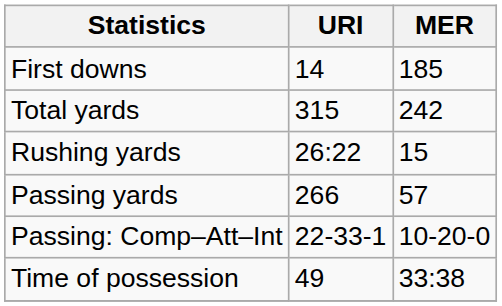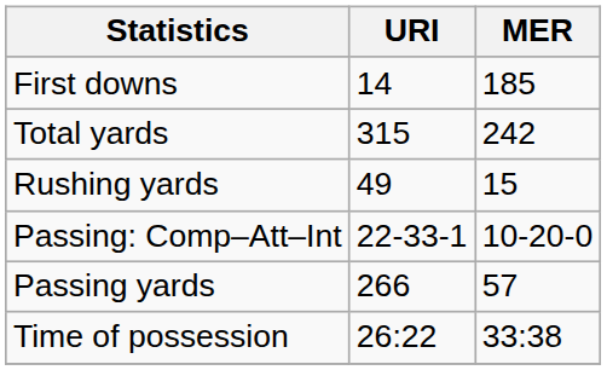 <table class="wikitable" style="float: left;">
 <tr>
 <th>Statistics</th>
 <th>URI</th>
 <th>MER</th>
 </tr>
 <tr>
 <td>First downs</td>
 <td>14</td>
 <td>185</td>
 </tr>
 <tr>
 <td>Total yards</td>
 <td>315</td>
 <td>242</td>
 </tr>
 <tr>
 <td>Rushing yards</td>
-<td>26:22</td>
+<td>49</td>
 <td>15</td>
+</tr>
+<tr>
+<td>Passing: Comp–Att–Int</td>
+<td>22-33-1</td>
+<td>10-20-0</td>
 </tr>
 <tr>
 <td>Passing yards</td>
 <td>266</td>
 <td>57</td>
 </tr>
 <tr>
-<td>Passing: Comp–Att–Int</td>
-<td>22-33-1</td>
-<td>10-20-0</td>
-</tr>
-<tr>
 <td>Time of possession</td>
-<td>49</td>
+<td>26:22</td>
 <td>33:38</td>
 </tr>
 <tr>
 </tr>
 </table>
